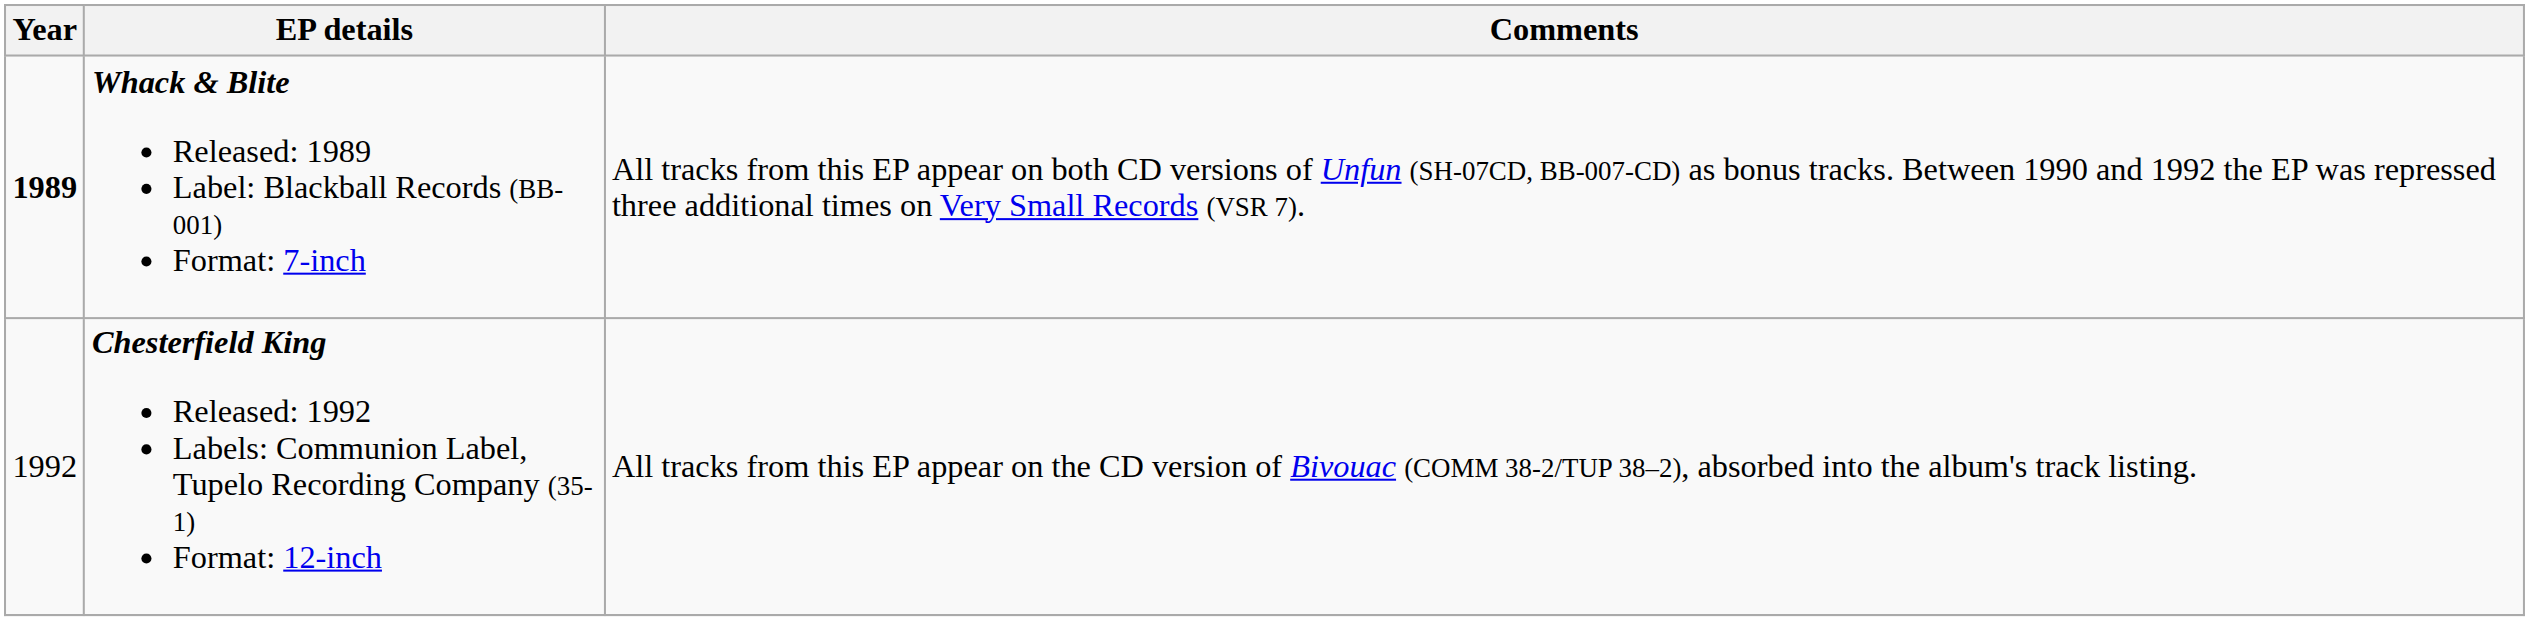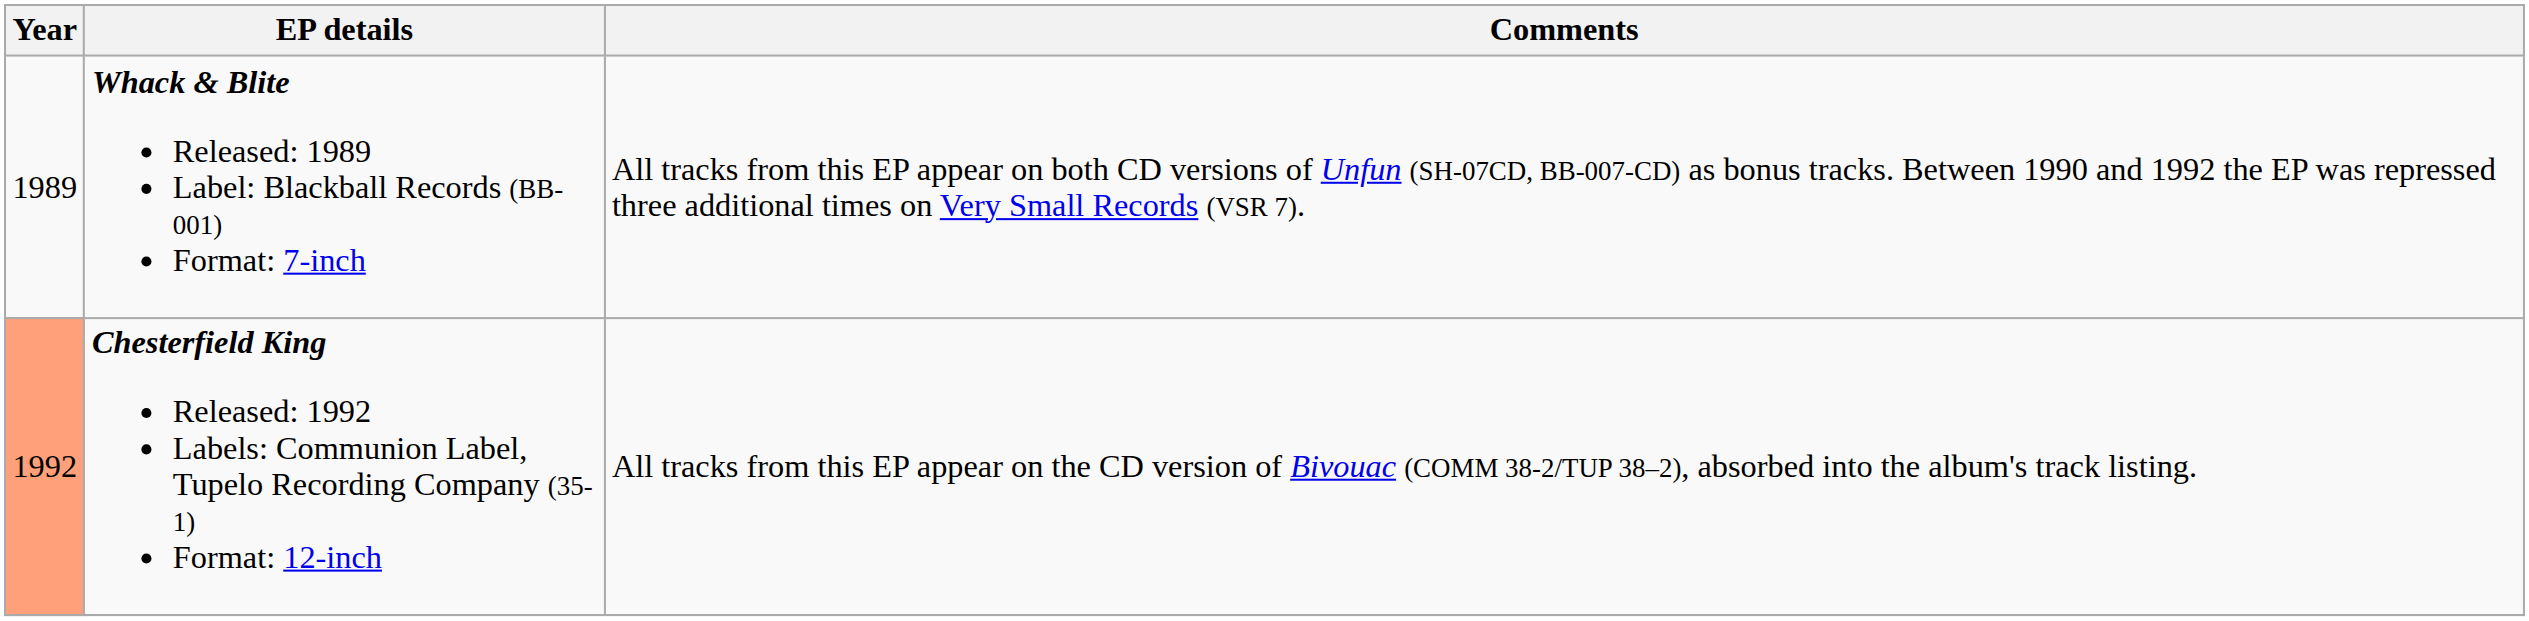 <table class="wikitable">
 <tr>
 <th>Year</th>
 <th width="250">EP details</th>
 <th>Comments</th>
 </tr>
 <tr>
-<td><strong>1989</strong></td>
+<td>1989</td>
 <td><strong><em>Whack & Blite</em></strong><br><ul><li>Released: 1989</li><li>Label: Blackball Records <small>(BB-001)</small></li><li>Format: <a href='#'>7-inch</a></li></ul></td>
 <td>All tracks from this EP appear on both CD versions of <em><a href='#'>Unfun</a></em> <small>(SH-07CD, BB-007-CD)</small> as bonus tracks. Between 1990 and 1992 the EP was repressed three additional times on <a href='#'>Very Small Records</a> <small>(VSR 7)</small>.</td>
 </tr>
 <tr>
-<td>1992</td>
+<td style="background: lightsalmon;">1992</td>
 <td><strong><em>Chesterfield King</em></strong><br><ul><li>Released: 1992</li><li>Labels: Communion Label, Tupelo Recording Company <small>(35-1)</small></li><li>Format: <a href='#'>12-inch</a></li></ul></td>
 <td>All tracks from this EP appear on the CD version of <em><a href='#'>Bivouac</a></em> <small>(COMM 38-2/TUP 38–2)</small>, absorbed into the album's track listing.</td>
 </tr>
 <tr>
 </tr>
 </table>
